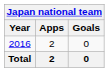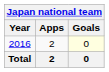 <table class="wikitable" style="text-align:center">
 <tr>
 <th colspan=3><a href='#'>Japan national team</a></th>
 </tr>
 <tr>
 <th>Year</th>
 <th>Apps</th>
 <th>Goals</th>
 </tr>
 <tr>
 <td><a href='#'>2016</a></td>
 <td>2</td>
-<td>0</td>
+<td style="background: lightyellow;">0</td>
 </tr>
 <tr>
 <th>Total</th>
 <th>2</th>
 <th>0</th>
 </tr>
 </table>
